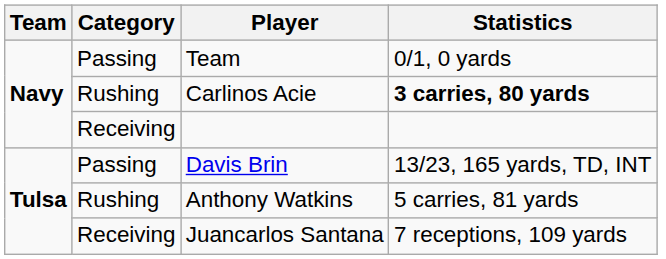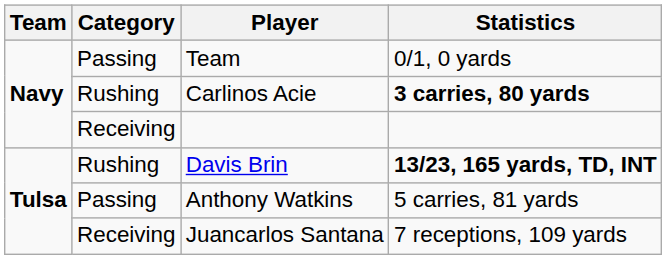 <table class="wikitable" style="float: left;">
 <tr>
 <th>Team</th>
 <th>Category</th>
 <th>Player</th>
 <th>Statistics</th>
 </tr>
 <tr>
 <td rowspan=3><strong>Navy</strong></td>
 <td>Passing</td>
 <td>Team</td>
 <td>0/1, 0 yards</td>
 </tr>
 <tr>
 <td>Rushing</td>
 <td>Carlinos Acie</td>
 <td><strong>3 carries, 80 yards</strong></td>
 </tr>
 <tr>
 <td>Receiving</td>
 <td></td>
 <td></td>
 </tr>
 <tr>
 <td rowspan=3><strong>Tulsa</strong></td>
-<td>Passing</td>
+<td>Rushing</td>
 <td><a href='#'>Davis Brin</a></td>
-<td>13/23, 165 yards, TD, INT</td>
+<td><strong>13/23, 165 yards, TD, INT</strong></td>
 </tr>
 <tr>
-<td>Rushing</td>
+<td>Passing</td>
 <td>Anthony Watkins</td>
 <td>5 carries, 81 yards</td>
 </tr>
 <tr>
 <td>Receiving</td>
 <td>Juancarlos Santana</td>
 <td>7 receptions, 109 yards</td>
 </tr>
 </table>
